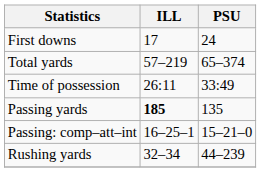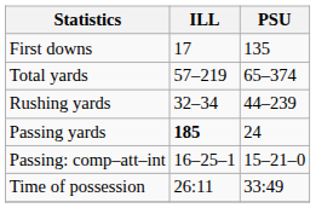 <table class="wikitable" style="float: left;">
 <tr>
 <th>Statistics</th>
 <th>ILL</th>
 <th>PSU</th>
 </tr>
 <tr>
 <td>First downs</td>
 <td>17</td>
-<td>24</td>
+<td>135</td>
 </tr>
 <tr>
 <td>Total yards</td>
 <td>57–219</td>
 <td>65–374</td>
 </tr>
 <tr>
-<td>Time of possession</td>
-<td>26:11</td>
-<td>33:49</td>
+<td>Rushing yards</td>
+<td>32–34</td>
+<td>44–239</td>
 </tr>
 <tr>
 <td>Passing yards</td>
 <td><strong>185</strong></td>
-<td>135</td>
+<td>24</td>
 </tr>
 <tr>
 <td>Passing: comp–att–int</td>
 <td>16–25–1</td>
 <td>15–21–0</td>
 </tr>
 <tr>
-<td>Rushing yards</td>
-<td>32–34</td>
-<td>44–239</td>
+<td>Time of possession</td>
+<td>26:11</td>
+<td>33:49</td>
 </tr>
 <tr>
 </tr>
 </table>
